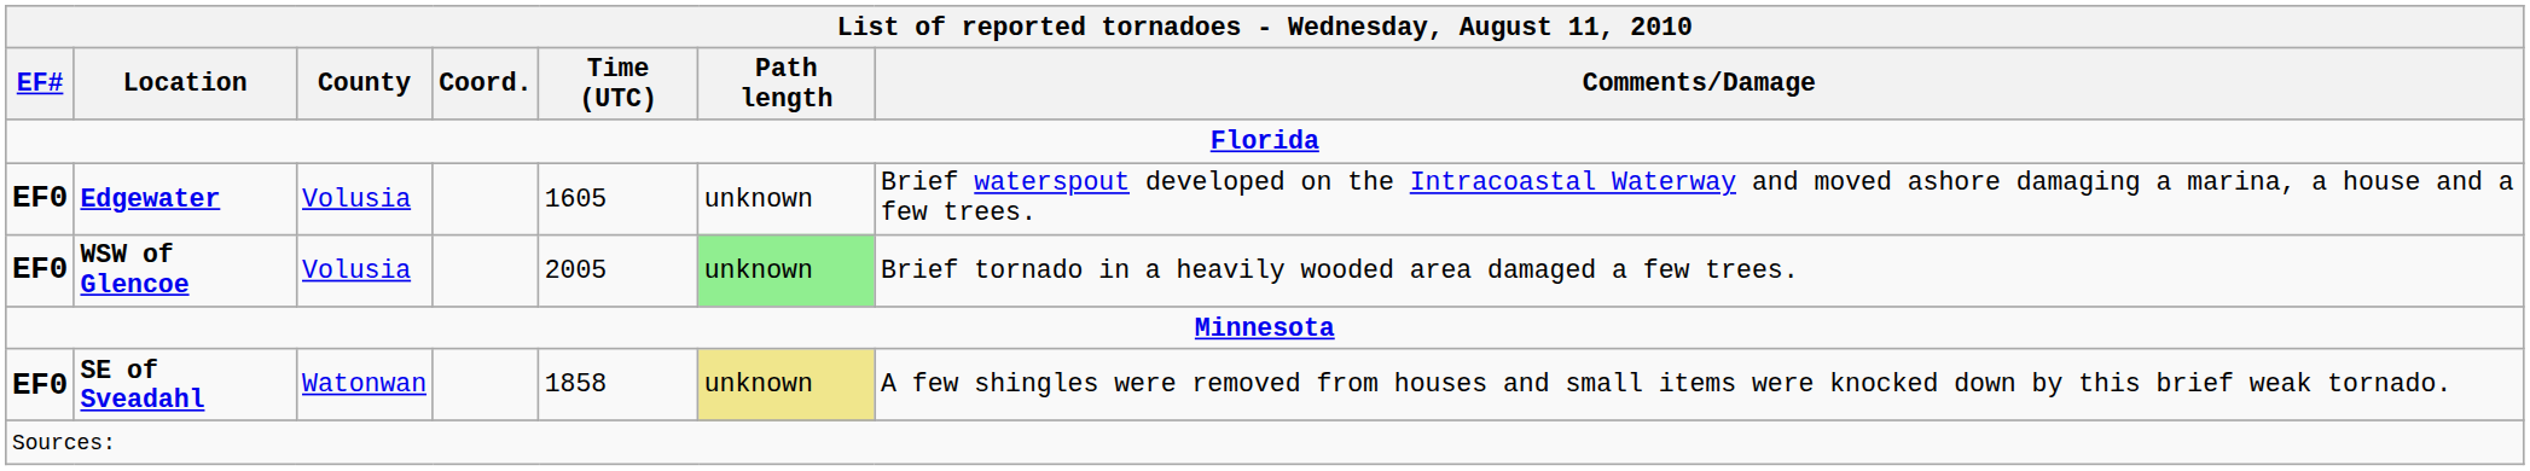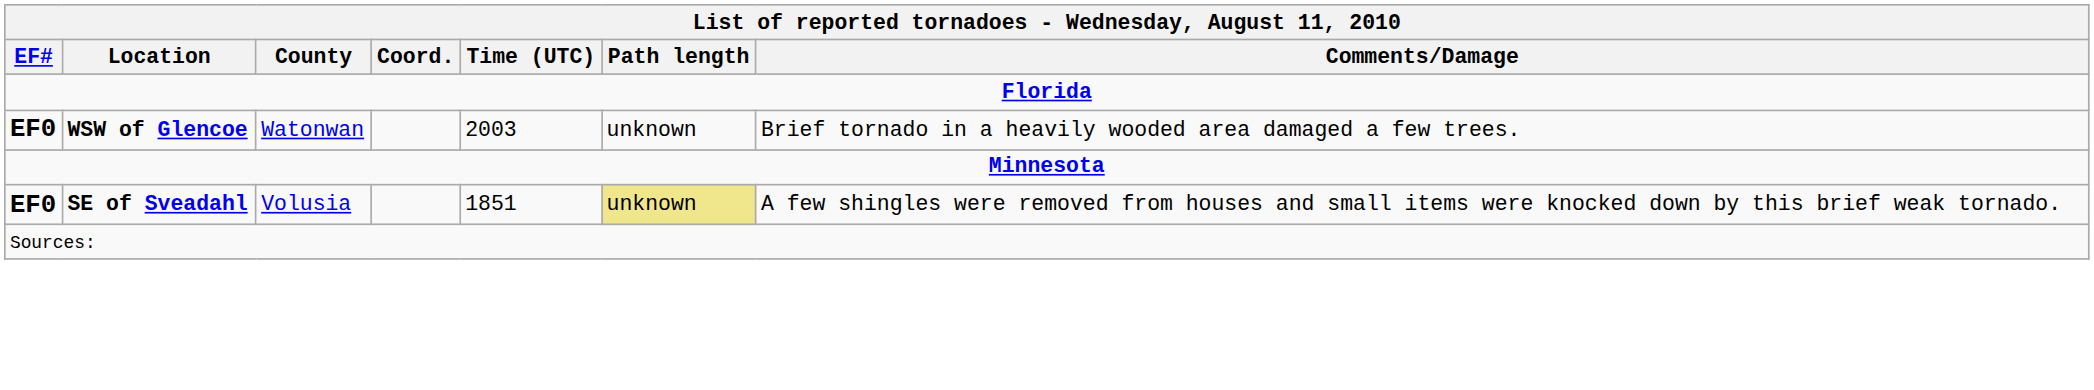 <table class="wikitable collapsible" width="100%">
 <tr>
 <th colspan="7">List of reported tornadoes - Wednesday, August 11, 2010</th>
 </tr>
 <tr>
 <th><a href='#'>EF#</a></th>
 <th>Location</th>
 <th>County</th>
 <th>Coord.</th>
 <th>Time (UTC)</th>
 <th>Path length</th>
 <th>Comments/Damage</th>
 </tr>
 <tr>
 <td colspan="7" align=center><strong><a href='#'>Florida</a></strong></td>
 </tr>
 <tr>
 <td><big><strong>EF0</strong></big></td>
-<td><strong><a href='#'>Edgewater</a></strong></td>
-<td><a href='#'>Volusia</a></td>
+<td><strong>WSW of <a href='#'>Glencoe</a></strong></td>
+<td><a href='#'>Watonwan</a></td>
 <td></td>
-<td>1605</td>
+<td>2003</td>
 <td>unknown</td>
-<td>Brief <a href='#'>waterspout</a> developed on the <a href='#'>Intracoastal Waterway</a> and moved ashore damaging a marina, a house and a few trees.</td>
-</tr>
-<tr>
-<td><big><strong>EF0</strong></big></td>
-<td><strong>WSW of <a href='#'>Glencoe</a></strong></td>
-<td><a href='#'>Volusia</a></td>
-<td></td>
-<td>2005</td>
-<td style="background: lightgreen;">unknown</td>
 <td>Brief tornado in a heavily wooded area damaged a few trees.</td>
 </tr>
 <tr>
 <td colspan="7" align=center><strong><a href='#'>Minnesota</a></strong></td>
 </tr>
 <tr>
 <td><big><strong>EF0</strong></big></td>
 <td><strong>SE of <a href='#'>Sveadahl</a></strong></td>
-<td><a href='#'>Watonwan</a></td>
+<td><a href='#'>Volusia</a></td>
 <td></td>
-<td>1858</td>
+<td>1851</td>
 <td style="background: khaki;">unknown</td>
 <td>A few shingles were removed from houses and small items were knocked down by this brief weak tornado.</td>
 </tr>
 <tr>
 <td colspan="7"><small>Sources:<br></small></td>
 </tr>
 </table>
